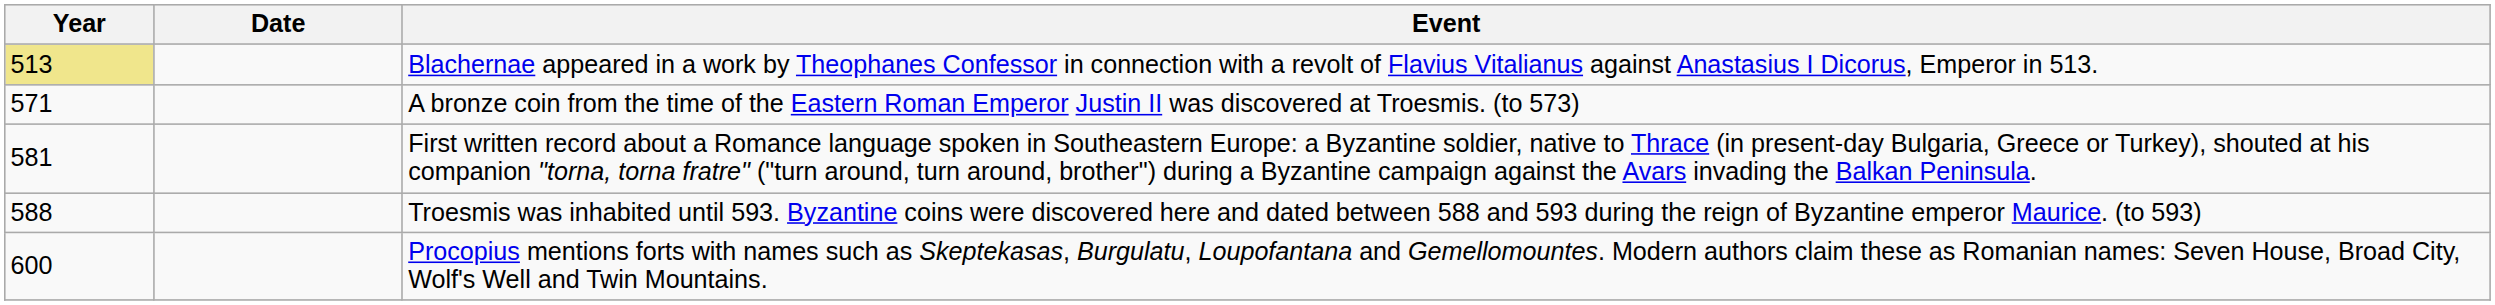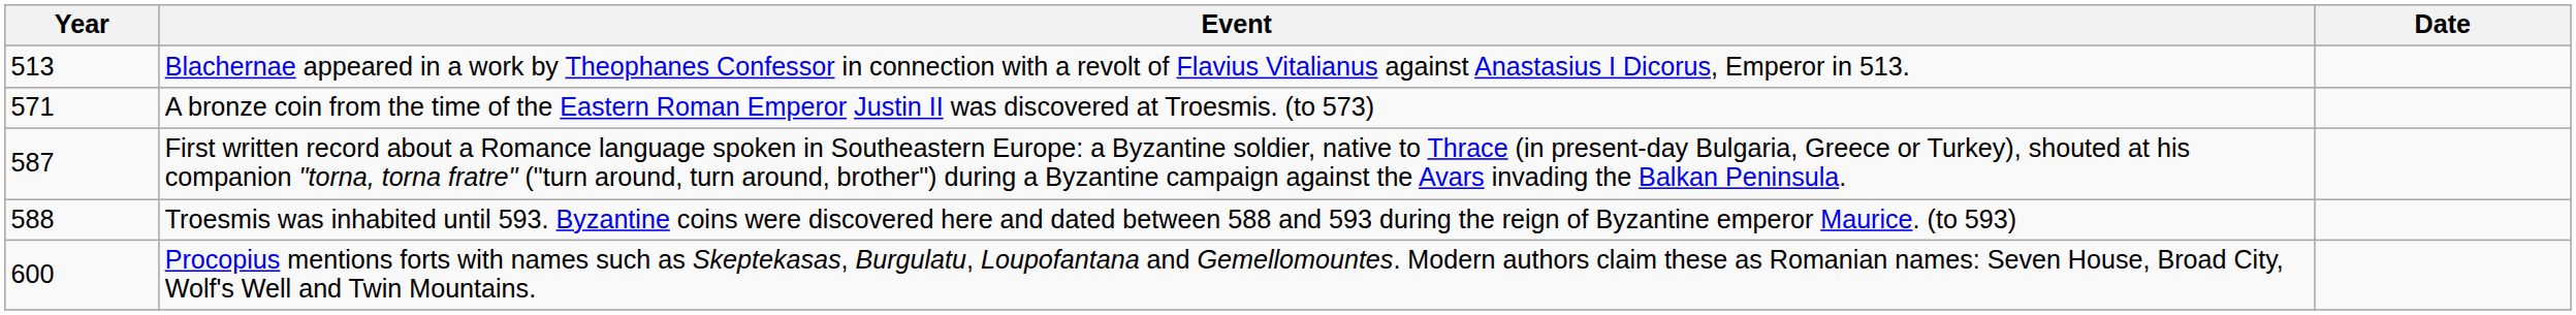 <table class="wikitable" width="100%">
 <tr>
 <th style="width:6%">Year</th>
+<th>Event</th>
 <th style="width:10%">Date</th>
-<th>Event</th>
 </tr>
 <tr>
-<td style="background: khaki;">513</td>
+<td>513</td>
+<td><a href='#'>Blachernae</a> appeared in a work by <a href='#'>Theophanes Confessor</a> in connection with a revolt of <a href='#'>Flavius Vitalianus</a> against <a href='#'>Anastasius I Dicorus</a>, Emperor in 513.</td>
 <td></td>
-<td><a href='#'>Blachernae</a> appeared in a work by <a href='#'>Theophanes Confessor</a> in connection with a revolt of <a href='#'>Flavius Vitalianus</a> against <a href='#'>Anastasius I Dicorus</a>, Emperor in 513.</td>
 </tr>
 <tr>
 <td>571</td>
+<td>A bronze coin from the time of the <a href='#'>Eastern Roman Emperor</a> <a href='#'>Justin II</a> was discovered at Troesmis. (to 573)</td>
 <td></td>
-<td>A bronze coin from the time of the <a href='#'>Eastern Roman Emperor</a> <a href='#'>Justin II</a> was discovered at Troesmis. (to 573)</td>
 </tr>
 <tr>
-<td>581</td>
+<td>587</td>
+<td>First written record about a Romance language spoken in Southeastern Europe: a Byzantine soldier, native to <a href='#'>Thrace</a> (in present-day Bulgaria, Greece or Turkey), shouted at his companion <em>"torna, torna fratre"</em> ("turn around, turn around, brother") during a Byzantine campaign against the <a href='#'>Avars</a> invading the <a href='#'>Balkan Peninsula</a>.</td>
 <td></td>
-<td>First written record about a Romance language spoken in Southeastern Europe: a Byzantine soldier, native to <a href='#'>Thrace</a> (in present-day Bulgaria, Greece or Turkey), shouted at his companion <em>"torna, torna fratre"</em> ("turn around, turn around, brother") during a Byzantine campaign against the <a href='#'>Avars</a> invading the <a href='#'>Balkan Peninsula</a>.</td>
 </tr>
 <tr>
 <td>588</td>
+<td>Troesmis was inhabited until 593. <a href='#'>Byzantine</a> coins were discovered here and dated between 588 and 593 during the reign of Byzantine emperor <a href='#'>Maurice</a>. (to 593)</td>
 <td></td>
-<td>Troesmis was inhabited until 593. <a href='#'>Byzantine</a> coins were discovered here and dated between 588 and 593 during the reign of Byzantine emperor <a href='#'>Maurice</a>. (to 593)</td>
 </tr>
 <tr>
 <td>600</td>
+<td><a href='#'>Procopius</a> mentions forts with names such as <em>Skeptekasas</em>, <em>Burgulatu</em>, <em>Loupofantana</em> and <em>Gemellomountes</em>. Modern authors claim these as Romanian names: Seven House, Broad City, Wolf's Well and Twin Mountains.</td>
 <td></td>
-<td><a href='#'>Procopius</a> mentions forts with names such as <em>Skeptekasas</em>, <em>Burgulatu</em>, <em>Loupofantana</em> and <em>Gemellomountes</em>. Modern authors claim these as Romanian names: Seven House, Broad City, Wolf's Well and Twin Mountains.</td>
 </tr>
 </table>
